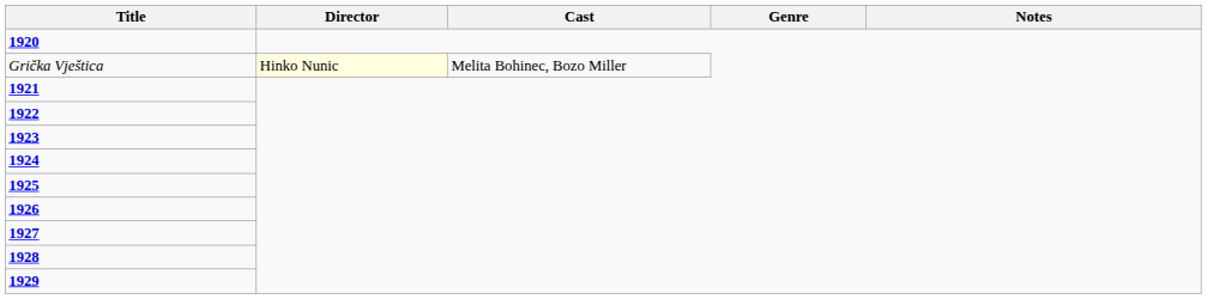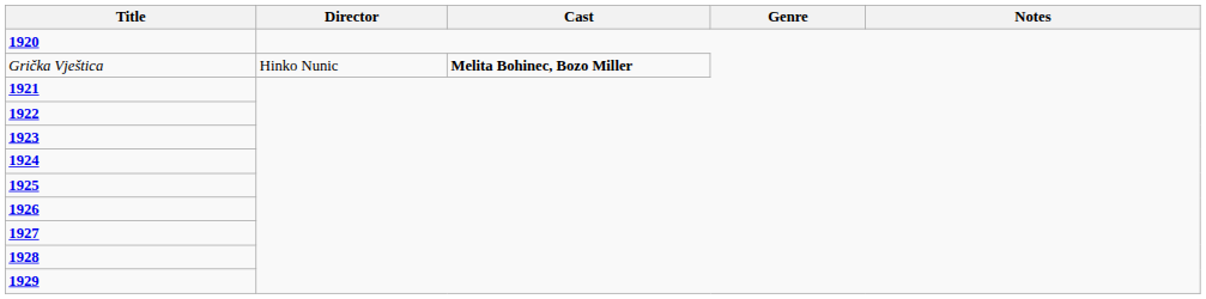 <table class="wikitable" style="width:100%;">
 <tr>
 <th style="width:21%;">Title</th>
 <th style="width:16%;">Director</th>
 <th style="width:22%;">Cast</th>
 <th style="width:13%;">Genre</th>
 <th style="width:28%;">Notes</th>
 </tr>
 <tr>
 <td><strong><a href='#'>1920</a></strong></td>
 </tr>
 <tr>
 <td><em>Grička Vještica</em></td>
-<td style="background: lightyellow;">Hinko Nunic</td>
-<td>Melita Bohinec, Bozo Miller</td>
+<td>Hinko Nunic</td>
+<td><strong>Melita Bohinec, Bozo Miller</strong></td>
 </tr>
 <tr>
 <td><strong><a href='#'>1921</a></strong></td>
 </tr>
 <tr>
 <td><strong><a href='#'>1922</a></strong></td>
 </tr>
 <tr>
 <td><strong><a href='#'>1923</a></strong></td>
 </tr>
 <tr>
 <td><strong><a href='#'>1924</a></strong></td>
 </tr>
 <tr>
 <td><strong><a href='#'>1925</a></strong></td>
 </tr>
 <tr>
 <td><strong><a href='#'>1926</a></strong></td>
 </tr>
 <tr>
 <td><strong><a href='#'>1927</a></strong></td>
 </tr>
 <tr>
 <td><strong><a href='#'>1928</a></strong></td>
 </tr>
 <tr>
 <td><strong><a href='#'>1929</a></strong></td>
 </tr>
 </table>
